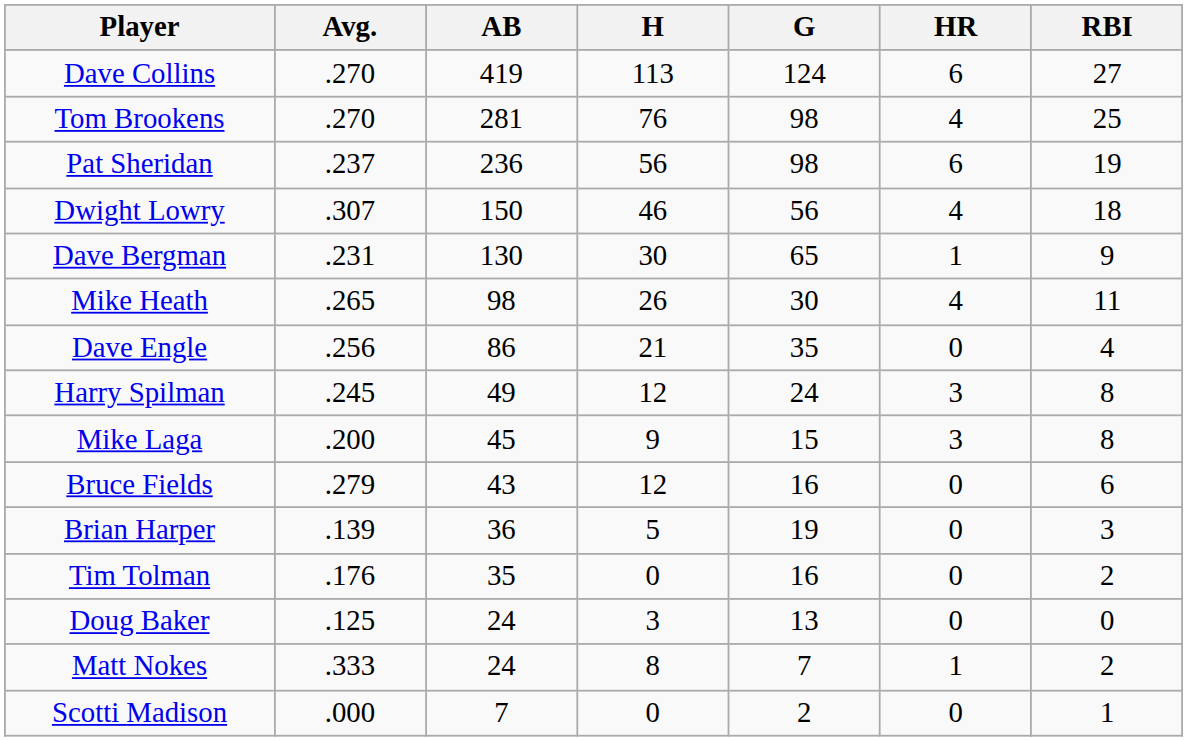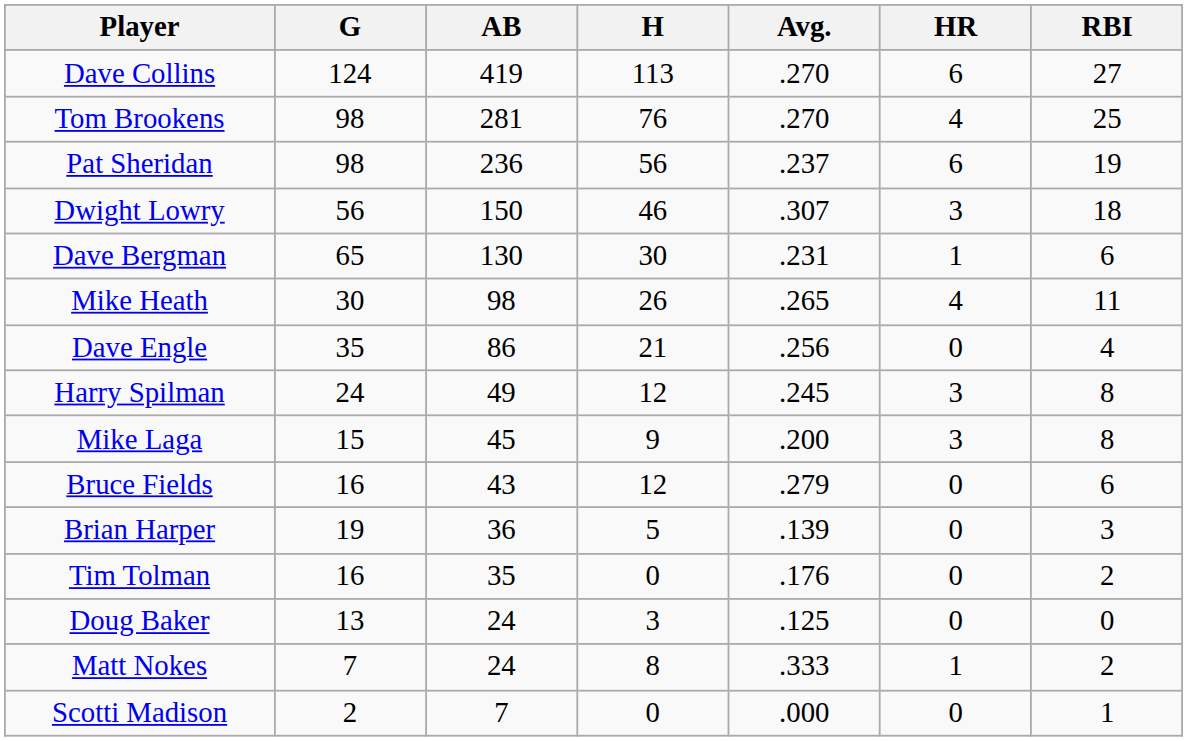 <table class="wikitable sortable">
 <tr>
 <th bgcolor="#DDDDFF" width="16%">Player</th>
-<th bgcolor="#DDDDFF" width="9%">Avg.</th>
+<th bgcolor="#DDDDFF" width="9%">G</th>
 <th bgcolor="#DDDDFF" width="9%">AB</th>
 <th bgcolor="#DDDDFF" width="9%">H</th>
-<th bgcolor="#DDDDFF" width="9%">G</th>
+<th bgcolor="#DDDDFF" width="9%">Avg.</th>
 <th bgcolor="#DDDDFF" width="9%">HR</th>
 <th bgcolor="#DDDDFF" width="9%">RBI</th>
 </tr>
 <tr align="center">
 <td><a href='#'>Dave Collins</a></td>
-<td>.270</td>
+<td>124</td>
 <td>419</td>
 <td>113</td>
-<td>124</td>
+<td>.270</td>
 <td>6</td>
 <td>27</td>
 </tr>
 <tr align="center">
 <td><a href='#'>Tom Brookens</a></td>
-<td>.270</td>
+<td>98</td>
 <td>281</td>
 <td>76</td>
-<td>98</td>
+<td>.270</td>
 <td>4</td>
 <td>25</td>
 </tr>
 <tr align="center">
 <td><a href='#'>Pat Sheridan</a></td>
-<td>.237</td>
+<td>98</td>
 <td>236</td>
 <td>56</td>
-<td>98</td>
+<td>.237</td>
 <td>6</td>
 <td>19</td>
 </tr>
 <tr align="center">
 <td><a href='#'>Dwight Lowry</a></td>
-<td>.307</td>
+<td>56</td>
 <td>150</td>
 <td>46</td>
-<td>56</td>
-<td>4</td>
+<td>.307</td>
+<td>3</td>
 <td>18</td>
 </tr>
 <tr align="center">
 <td><a href='#'>Dave Bergman</a></td>
-<td>.231</td>
+<td>65</td>
 <td>130</td>
 <td>30</td>
-<td>65</td>
+<td>.231</td>
 <td>1</td>
-<td>9</td>
+<td>6</td>
 </tr>
 <tr align="center">
 <td><a href='#'>Mike Heath</a></td>
-<td>.265</td>
+<td>30</td>
 <td>98</td>
 <td>26</td>
-<td>30</td>
+<td>.265</td>
 <td>4</td>
 <td>11</td>
 </tr>
 <tr align="center">
 <td><a href='#'>Dave Engle</a></td>
-<td>.256</td>
+<td>35</td>
 <td>86</td>
 <td>21</td>
-<td>35</td>
+<td>.256</td>
 <td>0</td>
 <td>4</td>
 </tr>
 <tr align="center">
 <td><a href='#'>Harry Spilman</a></td>
-<td>.245</td>
+<td>24</td>
 <td>49</td>
 <td>12</td>
-<td>24</td>
+<td>.245</td>
 <td>3</td>
 <td>8</td>
 </tr>
 <tr align="center">
 <td><a href='#'>Mike Laga</a></td>
-<td>.200</td>
+<td>15</td>
 <td>45</td>
 <td>9</td>
-<td>15</td>
+<td>.200</td>
 <td>3</td>
 <td>8</td>
 </tr>
 <tr align="center">
 <td><a href='#'>Bruce Fields</a></td>
-<td>.279</td>
+<td>16</td>
 <td>43</td>
 <td>12</td>
-<td>16</td>
+<td>.279</td>
 <td>0</td>
 <td>6</td>
 </tr>
 <tr align="center">
 <td><a href='#'>Brian Harper</a></td>
-<td>.139</td>
+<td>19</td>
 <td>36</td>
 <td>5</td>
-<td>19</td>
+<td>.139</td>
 <td>0</td>
 <td>3</td>
 </tr>
 <tr align="center">
 <td><a href='#'>Tim Tolman</a></td>
-<td>.176</td>
+<td>16</td>
 <td>35</td>
 <td>0</td>
-<td>16</td>
+<td>.176</td>
 <td>0</td>
 <td>2</td>
 </tr>
 <tr align="center">
 <td><a href='#'>Doug Baker</a></td>
-<td>.125</td>
+<td>13</td>
 <td>24</td>
 <td>3</td>
-<td>13</td>
+<td>.125</td>
 <td>0</td>
 <td>0</td>
 </tr>
 <tr align="center">
 <td><a href='#'>Matt Nokes</a></td>
-<td>.333</td>
+<td>7</td>
 <td>24</td>
 <td>8</td>
-<td>7</td>
+<td>.333</td>
 <td>1</td>
 <td>2</td>
 </tr>
 <tr align="center">
 <td><a href='#'>Scotti Madison</a></td>
-<td>.000</td>
+<td>2</td>
 <td>7</td>
 <td>0</td>
-<td>2</td>
+<td>.000</td>
 <td>0</td>
 <td>1</td>
 </tr>
 </table>
